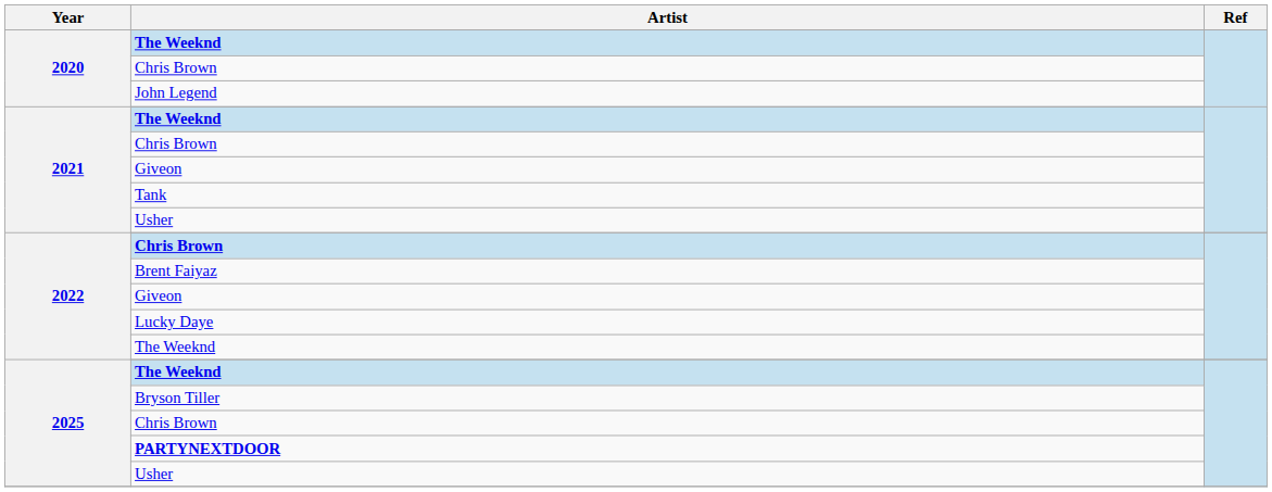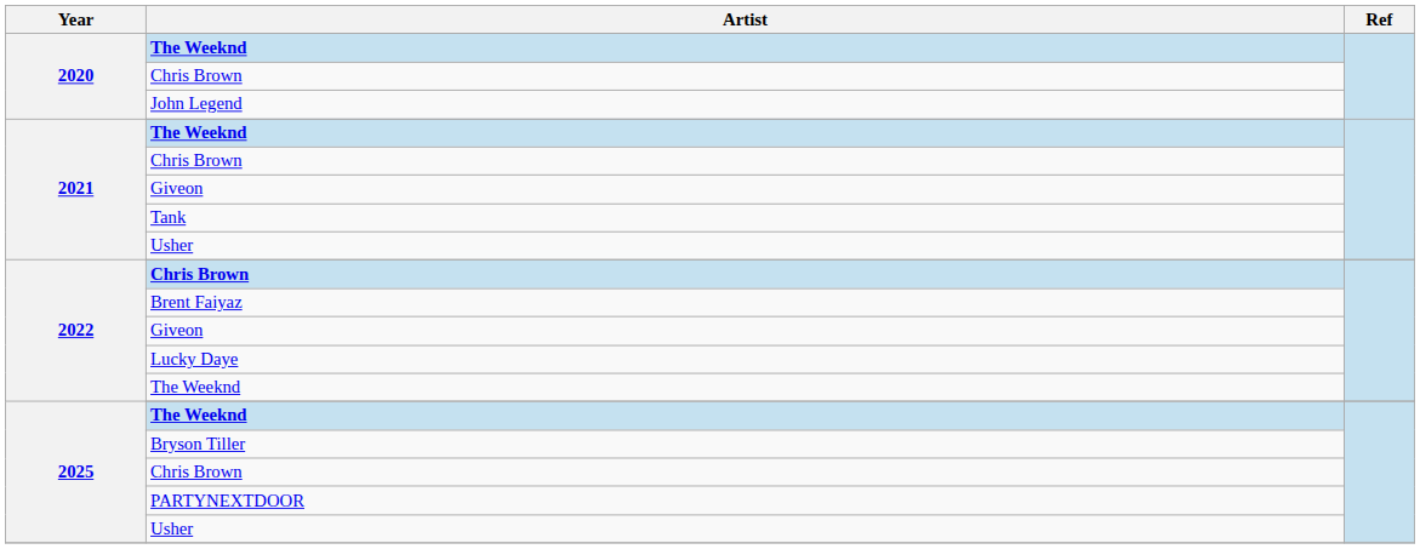 <table class="wikitable" width="100%">
 <tr>
 <th width="10%">Year</th>
 <th width="85%">Artist</th>
 <th width="5%">Ref</th>
 </tr>
 <tr>
 <th rowspan="4" align="center"><a href='#'>2020<br></a></th>
 </tr>
 <tr style="background:#c5e1f0">
 <td><strong><a href='#'>The Weeknd</a></strong></td>
 <td rowspan="4" align="center"></td>
 </tr>
 <tr>
 <td><a href='#'>Chris Brown</a></td>
 </tr>
 <tr>
 <td><a href='#'>John Legend</a></td>
 </tr>
 <tr>
 <th rowspan="6" align="center"><a href='#'>2021<br></a></th>
 </tr>
 <tr style="background:#c5e1f0">
 <td><strong><a href='#'>The Weeknd</a></strong></td>
 <td rowspan="5" align="center"></td>
 </tr>
 <tr>
 <td><a href='#'>Chris Brown</a></td>
 </tr>
 <tr>
 <td><a href='#'>Giveon</a></td>
 </tr>
 <tr>
 <td><a href='#'>Tank</a></td>
 </tr>
 <tr>
 <td><a href='#'>Usher</a></td>
 </tr>
 <tr>
 <th rowspan="6"><a href='#'>2022<br></a></th>
 </tr>
 <tr style="background:#c5e1f0">
 <td><strong><a href='#'>Chris Brown</a></strong></td>
 <td rowspan="5" align="center"></td>
 </tr>
 <tr>
 <td><a href='#'>Brent Faiyaz</a></td>
 </tr>
 <tr>
 <td><a href='#'>Giveon</a></td>
 </tr>
 <tr>
 <td><a href='#'>Lucky Daye</a></td>
 </tr>
 <tr>
 <td><a href='#'>The Weeknd</a></td>
 </tr>
 <tr>
 <th rowspan="6"><a href='#'>2025<br></a></th>
 </tr>
 <tr style="background:#c5e1f0">
 <td><strong><a href='#'>The Weeknd</a></strong></td>
 <td rowspan="5" align="center"></td>
 </tr>
 <tr>
 <td><a href='#'>Bryson Tiller</a></td>
 </tr>
 <tr>
 <td><a href='#'>Chris Brown</a></td>
 </tr>
 <tr>
-<td><strong><a href='#'>PARTYNEXTDOOR</a></strong></td>
+<td><a href='#'>PARTYNEXTDOOR</a></td>
 </tr>
 <tr>
 <td><a href='#'>Usher</a></td>
 </tr>
 <tr>
 </tr>
 </table>
